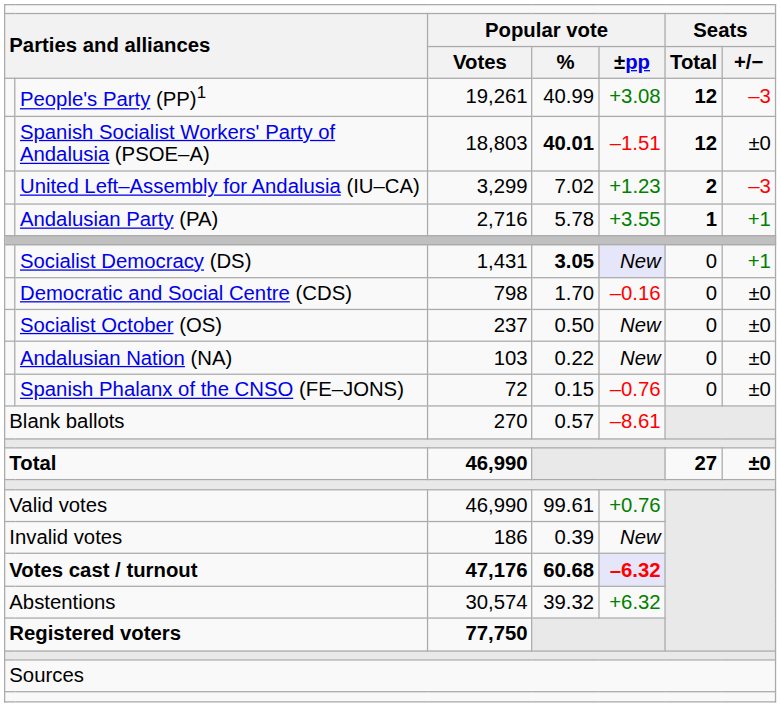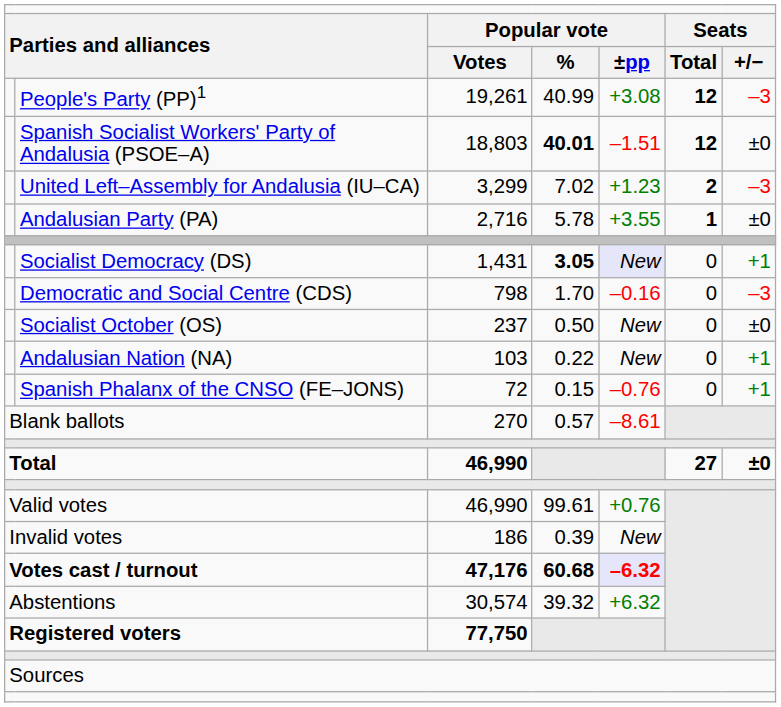 <table class="wikitable" style="text-align:right;">
 <tr>
 <td colspan="7"></td>
 </tr>
 <tr>
 <th style="text-align:left;" rowspan="2" colspan="2" width="525">Parties and alliances</th>
 <th colspan="3">Popular vote</th>
 <th colspan="2">Seats</th>
 </tr>
 <tr>
 <th width="75">Votes</th>
 <th width="45">%</th>
 <th width="45">±<a href='#'>pp</a></th>
 <th width="35">Total</th>
 <th width="35">+/−</th>
 </tr>
 <tr>
 <td width="1" style="color:inherit;background:"></td>
 <td align="left"><a href='#'>People's Party</a> (PP)<sup>1</sup></td>
 <td>19,261</td>
 <td>40.99</td>
 <td style="color:green;">+3.08</td>
 <td><strong>12</strong></td>
 <td style="color:red;">–3</td>
 </tr>
 <tr>
 <td style="color:inherit;background:"></td>
 <td align="left"><a href='#'>Spanish Socialist Workers' Party of Andalusia</a> (PSOE–A)</td>
 <td>18,803</td>
 <td><strong>40.01</strong></td>
 <td style="color:red;">–1.51</td>
 <td><strong>12</strong></td>
 <td>±0</td>
 </tr>
 <tr>
 <td style="color:inherit;background:"></td>
 <td align="left"><a href='#'>United Left–Assembly for Andalusia</a> (IU–CA)</td>
 <td>3,299</td>
 <td>7.02</td>
 <td style="color:green;">+1.23</td>
 <td><strong>2</strong></td>
 <td style="color:red;">–3</td>
 </tr>
 <tr>
 <td style="color:inherit;background:"></td>
 <td align="left"><a href='#'>Andalusian Party</a> (PA)</td>
 <td>2,716</td>
 <td>5.78</td>
 <td style="color:green;">+3.55</td>
 <td><strong>1</strong></td>
-<td style="color:green;">+1</td>
+<td>±0</td>
 </tr>
 <tr>
 <td colspan="7" bgcolor="#C0C0C0"></td>
 </tr>
 <tr>
 <td style="color:inherit;background:"></td>
 <td align="left"><a href='#'>Socialist Democracy</a> (DS)</td>
 <td>1,431</td>
 <td><strong>3.05</strong></td>
 <td style="background: lavender;"><em>New</em></td>
 <td>0</td>
 <td style="color:green;">+1</td>
 </tr>
 <tr>
 <td style="color:inherit;background:"></td>
 <td align="left"><a href='#'>Democratic and Social Centre</a> (CDS)</td>
 <td>798</td>
 <td>1.70</td>
 <td style="color:red;">–0.16</td>
 <td>0</td>
-<td>±0</td>
+<td style="color:red;">–3</td>
 </tr>
 <tr>
 <td style="color:inherit;background:"></td>
 <td align="left"><a href='#'>Socialist October</a> (OS)</td>
 <td>237</td>
 <td>0.50</td>
 <td><em>New</em></td>
 <td>0</td>
 <td>±0</td>
 </tr>
 <tr>
 <td style="color:inherit;background:"></td>
 <td align="left"><a href='#'>Andalusian Nation</a> (NA)</td>
 <td>103</td>
 <td>0.22</td>
 <td><em>New</em></td>
 <td>0</td>
-<td>±0</td>
+<td style="color:green;">+1</td>
 </tr>
 <tr>
 <td style="color:inherit;background:"></td>
 <td align="left"><a href='#'>Spanish Phalanx of the CNSO</a> (FE–JONS)</td>
 <td>72</td>
 <td>0.15</td>
 <td style="color:red;">–0.76</td>
 <td>0</td>
-<td>±0</td>
+<td style="color:green;">+1</td>
 </tr>
 <tr>
 <td align="left" colspan="2">Blank ballots</td>
 <td>270</td>
 <td>0.57</td>
 <td style="color:red;">–8.61</td>
 <td bgcolor="#E9E9E9" colspan="2"></td>
 </tr>
 <tr>
 <td colspan="7" bgcolor="#E9E9E9"></td>
 </tr>
 <tr style="font-weight:bold;">
 <td align="left" colspan="2">Total</td>
 <td>46,990</td>
 <td bgcolor="#E9E9E9" colspan="2"></td>
 <td>27</td>
 <td>±0</td>
 </tr>
 <tr>
 <td colspan="7" bgcolor="#E9E9E9"></td>
 </tr>
 <tr>
 <td align="left" colspan="2">Valid votes</td>
 <td>46,990</td>
 <td>99.61</td>
 <td style="color:green;">+0.76</td>
 <td bgcolor="#E9E9E9" colspan="2" rowspan="5"></td>
 </tr>
 <tr>
 <td align="left" colspan="2">Invalid votes</td>
 <td>186</td>
 <td>0.39</td>
 <td><em>New</em></td>
 </tr>
 <tr style="font-weight:bold;">
 <td align="left" colspan="2">Votes cast / turnout</td>
 <td>47,176</td>
 <td>60.68</td>
 <td style="background: lavender; color:red;">–6.32</td>
 </tr>
 <tr>
 <td align="left" colspan="2">Abstentions</td>
 <td>30,574</td>
 <td>39.32</td>
 <td style="color:green;">+6.32</td>
 </tr>
 <tr style="font-weight:bold;">
 <td align="left" colspan="2">Registered voters</td>
 <td>77,750</td>
 <td bgcolor="#E9E9E9" colspan="2"></td>
 </tr>
 <tr>
 <td colspan="7" bgcolor="#E9E9E9"></td>
 </tr>
 <tr>
 <td align="left" colspan="7">Sources</td>
 </tr>
 <tr>
 <td colspan="7" style="text-align:left; max-width:790px;"></td>
 </tr>
 </table>
